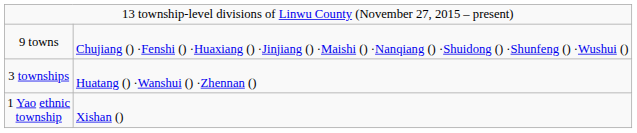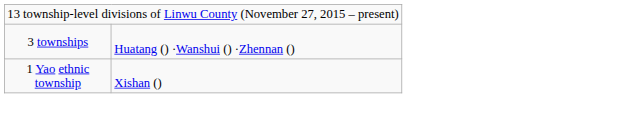 <table class="wikitable">
 <tr>
 <td style="text-align:center;" colspan="2">13 township-level divisions of <a href='#'>Linwu County</a> (November 27, 2015 – present)</td>
-</tr>
-<tr align=left>
-<td align=center>9 towns</td>
-<td><br><a href='#'>Chujiang</a> () ·<a href='#'>Fenshi</a> () ·<a href='#'>Huaxiang</a> () ·<a href='#'>Jinjiang</a> () ·<a href='#'>Maishi</a> () ·<a href='#'>Nanqiang</a> () ·<a href='#'>Shuidong</a> () ·<a href='#'>Shunfeng</a> () ·<a href='#'>Wushui</a> ()</td>
 </tr>
 <tr align=left>
 <td align=center>3 <a href='#'>townships</a></td>
 <td><br><a href='#'>Huatang</a> () ·<a href='#'>Wanshui</a> () ·<a href='#'>Zhennan</a> ()</td>
 </tr>
 <tr align=left>
 <td align=center>1 <a href='#'>Yao</a> <a href='#'>ethnic<br>township</a></td>
 <td><br><a href='#'>Xishan</a> ()</td>
 </tr>
 </table>
